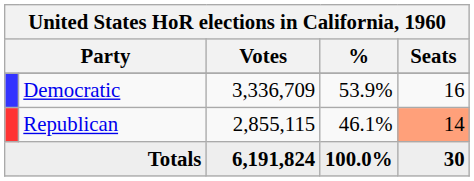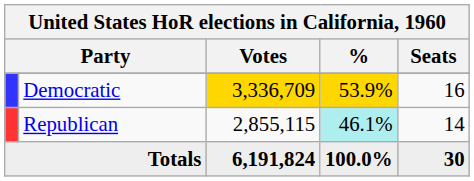 <table class="wikitable" style="font-size: 95%;">
 <tr>
 <th colspan="7">United States HoR elections in California, 1960</th>
 </tr>
 <tr>
 <th colspan=2 style="width: 5em">Party</th>
 <th style="width: 5em">Votes</th>
 <th style="width: 3em">%</th>
 <th style="width: 3em">Seats</th>
 </tr>
 <tr>
 </tr>
 <tr>
 <th style="background-color:#3333FF; width: 3px"></th>
 <td style="width: 130px"><a href='#'>Democratic</a></td>
-<td align="right">3,336,709</td>
-<td align="right">53.9%</td>
+<td align="right" style="background: gold;">3,336,709</td>
+<td align="right" style="background: gold;">53.9%</td>
 <td align="right">16</td>
 </tr>
 <tr>
 <th style="background-color:#FF3333; width: 3px"></th>
 <td style="width: 130px"><a href='#'>Republican</a></td>
 <td align="right">2,855,115</td>
-<td align="right">46.1%</td>
-<td align="right" style="background: lightsalmon;">14</td>
+<td align="right" style="background: paleturquoise;">46.1%</td>
+<td align="right">14</td>
 </tr>
 <tr bgcolor="#EEEEEE">
 <td colspan="2" align="right"><strong>Totals</strong></td>
 <td align="right"><strong>6,191,824</strong></td>
 <td align="right"><strong>100.0%</strong></td>
 <td align="right"><strong>30</strong></td>
 </tr>
 </table>
